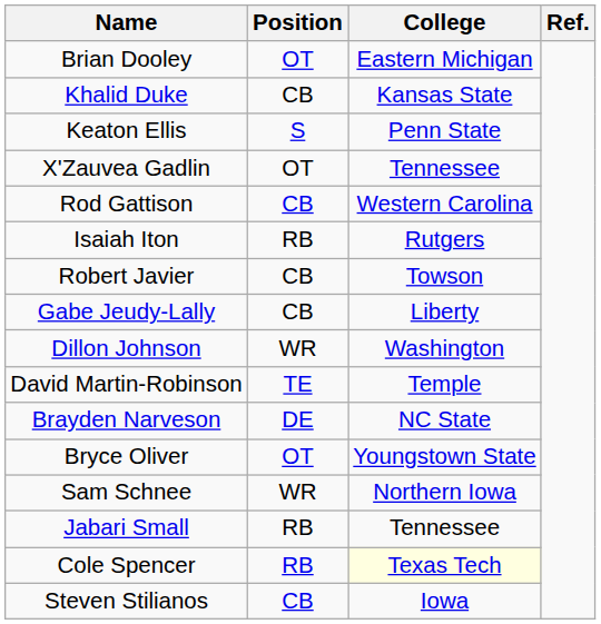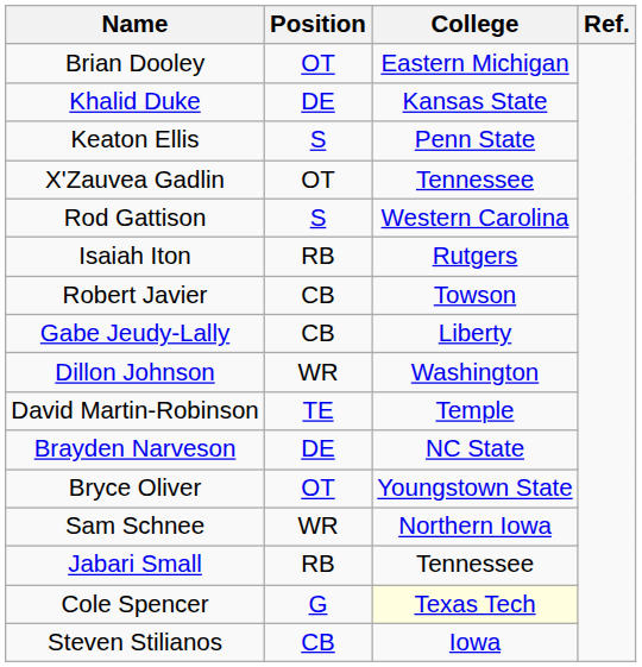 <table class="wikitable" style="text-align:center">
 <tr>
 <th>Name</th>
 <th>Position</th>
 <th>College</th>
 <th>Ref.</th>
 </tr>
 <tr>
 <td>Brian Dooley</td>
 <td><a href='#'>OT</a></td>
 <td><a href='#'>Eastern Michigan</a></td>
 <td rowspan="16"></td>
 </tr>
 <tr>
 <td><a href='#'>Khalid Duke</a></td>
-<td>CB</td>
+<td><a href='#'>DE</a></td>
 <td><a href='#'>Kansas State</a></td>
 </tr>
 <tr>
 <td>Keaton Ellis</td>
 <td><a href='#'>S</a></td>
 <td><a href='#'>Penn State</a></td>
 </tr>
 <tr>
 <td>X'Zauvea Gadlin</td>
 <td>OT</td>
 <td><a href='#'>Tennessee</a></td>
 </tr>
 <tr>
 <td>Rod Gattison</td>
-<td><a href='#'>CB</a></td>
+<td><a href='#'>S</a></td>
 <td><a href='#'>Western Carolina</a></td>
 </tr>
 <tr>
 <td>Isaiah Iton</td>
 <td>RB</td>
 <td><a href='#'>Rutgers</a></td>
 </tr>
 <tr>
 <td>Robert Javier</td>
 <td>CB</td>
 <td><a href='#'>Towson</a></td>
 </tr>
 <tr>
 <td><a href='#'>Gabe Jeudy-Lally</a></td>
 <td>CB</td>
 <td><a href='#'>Liberty</a></td>
 </tr>
 <tr>
 <td><a href='#'>Dillon Johnson</a></td>
 <td>WR</td>
 <td><a href='#'>Washington</a></td>
 </tr>
 <tr>
 <td>David Martin-Robinson</td>
 <td><a href='#'>TE</a></td>
 <td><a href='#'>Temple</a></td>
 </tr>
 <tr>
 <td><a href='#'>Brayden Narveson</a></td>
 <td><a href='#'>DE</a></td>
 <td><a href='#'>NC State</a></td>
 </tr>
 <tr>
 <td>Bryce Oliver</td>
 <td><a href='#'>OT</a></td>
 <td><a href='#'>Youngstown State</a></td>
 </tr>
 <tr>
 <td>Sam Schnee</td>
 <td>WR</td>
 <td><a href='#'>Northern Iowa</a></td>
 </tr>
 <tr>
 <td><a href='#'>Jabari Small</a></td>
 <td>RB</td>
 <td>Tennessee</td>
 </tr>
 <tr>
 <td>Cole Spencer</td>
-<td><a href='#'>RB</a></td>
+<td><a href='#'>G</a></td>
 <td style="background: lightyellow;"><a href='#'>Texas Tech</a></td>
 </tr>
 <tr>
 <td>Steven Stilianos</td>
 <td><a href='#'>CB</a></td>
 <td><a href='#'>Iowa</a></td>
 </tr>
 </table>
